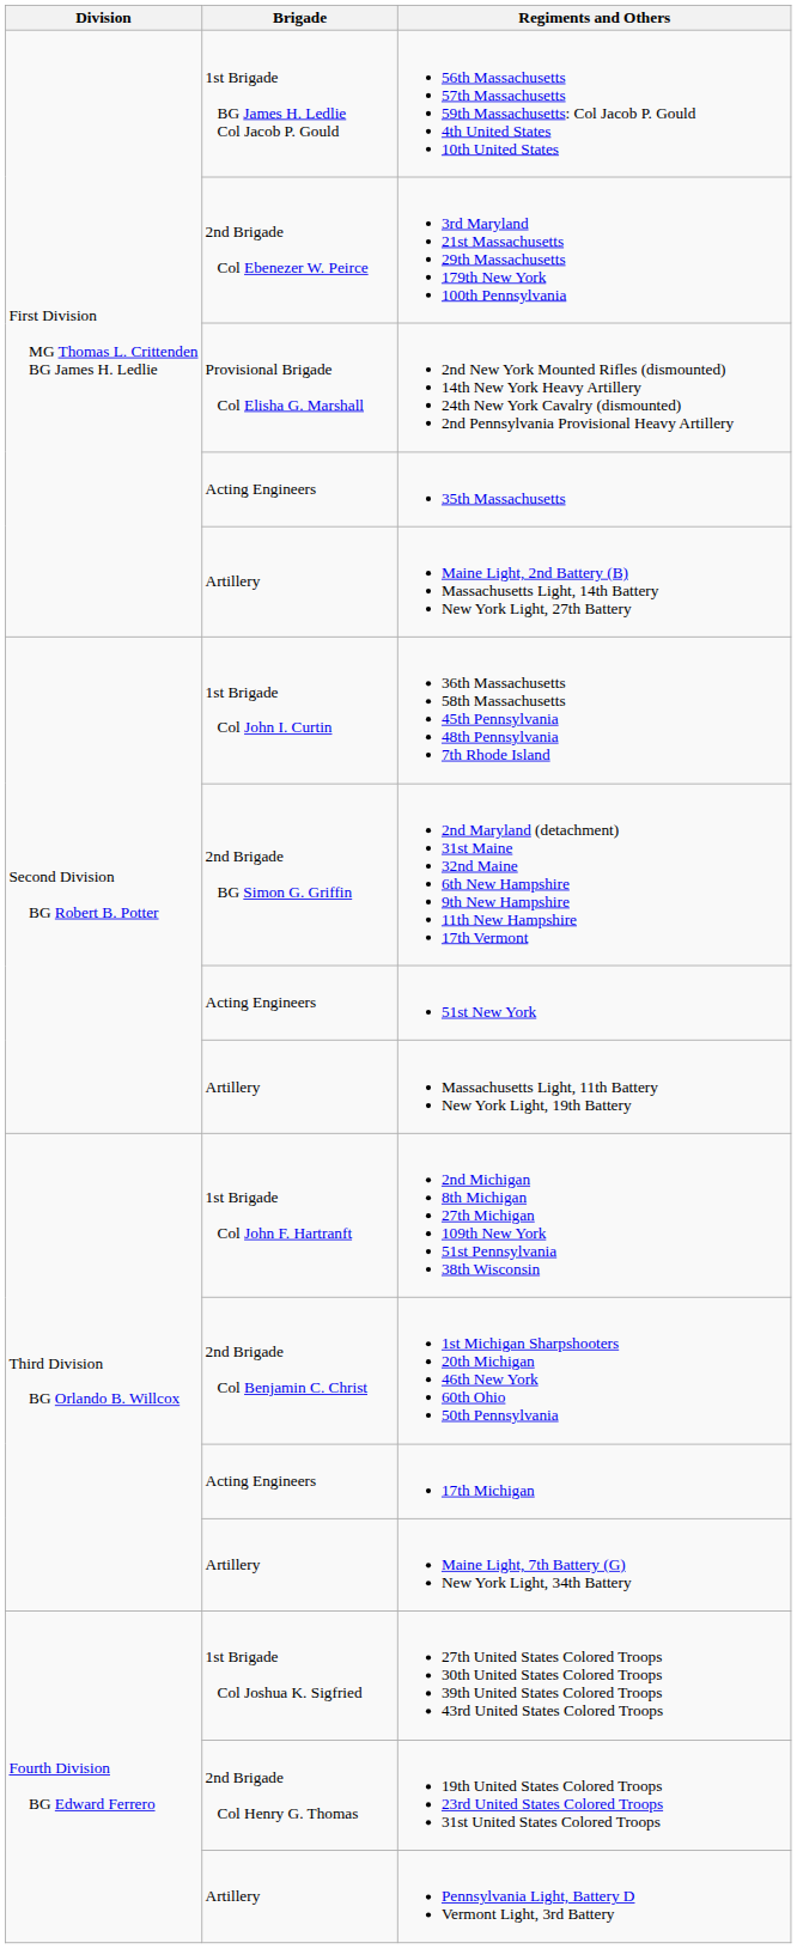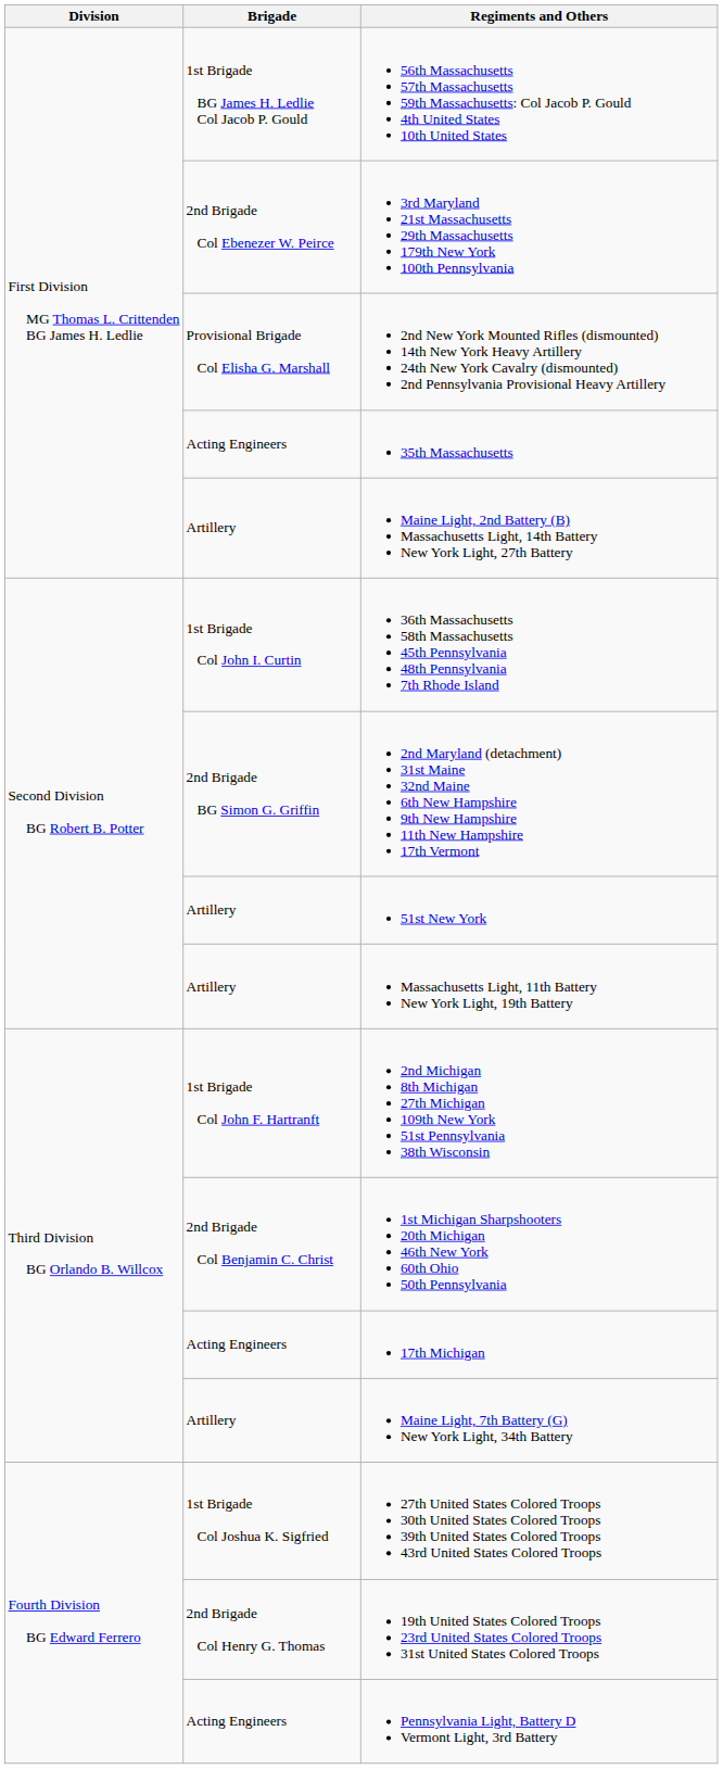 <table class="wikitable">
 <tr>
 <th width=25%>Division</th>
 <th width=25%>Brigade</th>
 <th>Regiments and Others</th>
 </tr>
 <tr>
 <td rowspan=5><br>First Division<br> <br>     MG <a href='#'>Thomas L. Crittenden</a> <br>     BG James H. Ledlie</td>
 <td>1st Brigade<br><br>   BG <a href='#'>James H. Ledlie</a> <br>   Col Jacob P. Gould</td>
 <td><br><ul><li><a href='#'>56th Massachusetts</a></li><li><a href='#'>57th Massachusetts</a></li><li><a href='#'>59th Massachusetts</a>: Col Jacob P. Gould</li><li><a href='#'>4th United States</a></li><li><a href='#'>10th United States</a></li></ul></td>
 </tr>
 <tr>
 <td>2nd Brigade<br><br>   Col <a href='#'>Ebenezer W. Peirce</a></td>
 <td><br><ul><li><a href='#'>3rd Maryland</a></li><li><a href='#'>21st Massachusetts</a></li><li><a href='#'>29th Massachusetts</a></li><li><a href='#'>179th New York</a></li><li><a href='#'>100th Pennsylvania</a></li></ul></td>
 </tr>
 <tr>
 <td>Provisional Brigade<br><br>   Col <a href='#'>Elisha G. Marshall</a></td>
 <td><br><ul><li>2nd New York Mounted Rifles (dismounted)</li><li>14th New York Heavy Artillery</li><li>24th New York Cavalry (dismounted)</li><li>2nd Pennsylvania Provisional Heavy Artillery</li></ul></td>
 </tr>
 <tr>
 <td>Acting Engineers</td>
 <td><br><ul><li><a href='#'>35th Massachusetts</a></li></ul></td>
 </tr>
 <tr>
 <td>Artillery</td>
 <td><br><ul><li><a href='#'>Maine Light, 2nd Battery (B)</a></li><li>Massachusetts Light, 14th Battery</li><li>New York Light, 27th Battery</li></ul></td>
 </tr>
 <tr>
 <td rowspan=4><br>Second Division<br> <br>     BG <a href='#'>Robert B. Potter</a></td>
 <td>1st Brigade<br><br>   Col <a href='#'>John I. Curtin</a></td>
 <td><br><ul><li>36th Massachusetts</li><li>58th Massachusetts</li><li><a href='#'>45th Pennsylvania</a></li><li><a href='#'>48th Pennsylvania</a></li><li><a href='#'>7th Rhode Island</a></li></ul></td>
 </tr>
 <tr>
 <td>2nd Brigade<br><br>   BG <a href='#'>Simon G. Griffin</a></td>
 <td><br><ul><li><a href='#'>2nd Maryland</a> (detachment)</li><li><a href='#'>31st Maine</a></li><li><a href='#'>32nd Maine</a></li><li><a href='#'>6th New Hampshire</a></li><li><a href='#'>9th New Hampshire</a></li><li><a href='#'>11th New Hampshire</a></li><li><a href='#'>17th Vermont</a></li></ul></td>
 </tr>
 <tr>
-<td>Acting Engineers</td>
+<td>Artillery</td>
 <td><br><ul><li><a href='#'>51st New York</a></li></ul></td>
 </tr>
 <tr>
 <td>Artillery</td>
 <td><br><ul><li>Massachusetts Light, 11th Battery</li><li>New York Light, 19th Battery</li></ul></td>
 </tr>
 <tr>
 <td rowspan=4><br>Third Division<br> <br>     BG <a href='#'>Orlando B. Willcox</a></td>
 <td>1st Brigade<br><br>   Col <a href='#'>John F. Hartranft</a></td>
 <td><br><ul><li><a href='#'>2nd Michigan</a></li><li><a href='#'>8th Michigan</a></li><li><a href='#'>27th Michigan</a></li><li><a href='#'>109th New York</a></li><li><a href='#'>51st Pennsylvania</a></li><li><a href='#'>38th Wisconsin</a></li></ul></td>
 </tr>
 <tr>
 <td>2nd Brigade<br><br>   Col <a href='#'>Benjamin C. Christ</a></td>
 <td><br><ul><li><a href='#'>1st Michigan Sharpshooters</a></li><li><a href='#'>20th Michigan</a></li><li><a href='#'>46th New York</a></li><li><a href='#'>60th Ohio</a></li><li><a href='#'>50th Pennsylvania</a></li></ul></td>
 </tr>
 <tr>
 <td>Acting Engineers</td>
 <td><br><ul><li><a href='#'>17th Michigan</a></li></ul></td>
 </tr>
 <tr>
 <td>Artillery</td>
 <td><br><ul><li><a href='#'>Maine Light, 7th Battery (G)</a></li><li>New York Light, 34th Battery</li></ul></td>
 </tr>
 <tr>
 <td rowspan=3><br><a href='#'>Fourth Division</a><br> <br>     BG <a href='#'>Edward Ferrero</a></td>
 <td>1st Brigade<br><br>   Col Joshua K. Sigfried</td>
 <td><br><ul><li>27th United States Colored Troops</li><li>30th United States Colored Troops</li><li>39th United States Colored Troops</li><li>43rd United States Colored Troops</li></ul></td>
 </tr>
 <tr>
 <td>2nd Brigade<br><br>   Col Henry G. Thomas</td>
 <td><br><ul><li>19th United States Colored Troops</li><li><a href='#'>23rd United States Colored Troops</a></li><li>31st United States Colored Troops</li></ul></td>
 </tr>
 <tr>
-<td>Artillery</td>
+<td>Acting Engineers</td>
 <td><br><ul><li><a href='#'>Pennsylvania Light, Battery D</a></li><li>Vermont Light, 3rd Battery</li></ul></td>
 </tr>
 </table>
